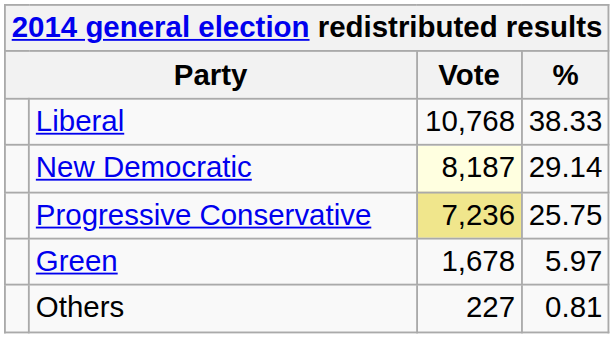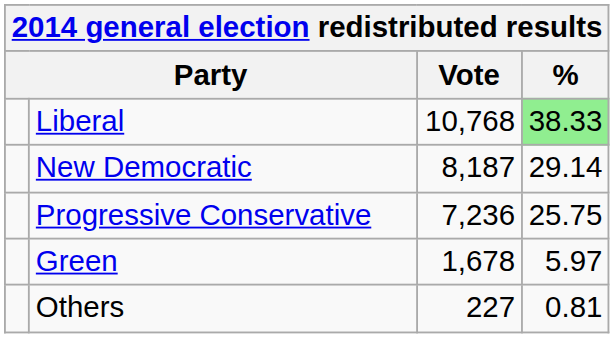 <table class="wikitable">
 <tr>
 <th colspan="4"><a href='#'>2014 general election</a> redistributed results</th>
 </tr>
 <tr>
 <th bgcolor="#DDDDFF" width="130px" colspan="2">Party</th>
 <th bgcolor="#DDDDFF" width="50px">Vote</th>
 <th bgcolor="#DDDDFF" width="30px">%</th>
 </tr>
 <tr>
 <td> </td>
 <td><a href='#'>Liberal</a></td>
 <td align=right>10,768</td>
-<td align=right>38.33</td>
+<td align=right style="background: lightgreen;">38.33</td>
 </tr>
 <tr>
 <td> </td>
 <td><a href='#'>New Democratic</a></td>
-<td align=right style="background: lightyellow;">8,187</td>
+<td align=right>8,187</td>
 <td align=right>29.14</td>
 </tr>
 <tr>
 <td> </td>
 <td><a href='#'>Progressive Conservative</a></td>
-<td align=right style="background: khaki;">7,236</td>
+<td align=right>7,236</td>
 <td align=right>25.75</td>
 </tr>
 <tr>
 <td> </td>
 <td><a href='#'>Green</a></td>
 <td align=right>1,678</td>
 <td align=right>5.97</td>
 </tr>
 <tr>
 <td> </td>
 <td>Others</td>
 <td align=right>227</td>
 <td align=right>0.81</td>
 </tr>
 </table>
